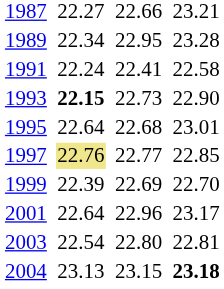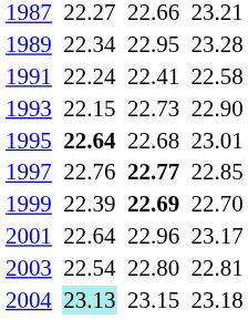 <table>
 <tr valign="top">
 <td><a href='#'>1987</a><br></td>
 <td></td>
 <td>22.27 </td>
 <td></td>
 <td>22.66 </td>
 <td></td>
 <td>23.21</td>
 </tr>
 <tr valign="top">
 <td><a href='#'>1989</a><br></td>
 <td></td>
 <td>22.34 </td>
 <td></td>
 <td>22.95 </td>
 <td></td>
 <td>23.28</td>
 </tr>
 <tr valign="top">
 <td><a href='#'>1991</a><br></td>
 <td></td>
 <td>22.24 </td>
 <td></td>
 <td>22.41 </td>
 <td></td>
 <td>22.58 </td>
 </tr>
 <tr valign="top">
 <td><a href='#'>1993</a><br></td>
 <td></td>
-<td><strong>22.15 </strong></td>
+<td>22.15 </td>
 <td></td>
 <td>22.73 </td>
 <td></td>
 <td>22.90</td>
 </tr>
 <tr valign="top">
 <td><a href='#'>1995</a><br></td>
 <td></td>
-<td>22.64 </td>
+<td><strong>22.64 </strong></td>
 <td></td>
 <td>22.68 </td>
 <td></td>
 <td>23.01</td>
 </tr>
 <tr valign="top">
 <td><a href='#'>1997</a><br></td>
 <td></td>
-<td style="background: khaki;">22.76 </td>
+<td>22.76 </td>
 <td></td>
-<td>22.77</td>
+<td><strong>22.77</strong></td>
 <td></td>
 <td>22.85</td>
 </tr>
 <tr valign="top">
 <td><a href='#'>1999</a><br></td>
 <td></td>
 <td>22.39 </td>
 <td></td>
-<td>22.69 </td>
+<td><strong>22.69 </strong></td>
 <td></td>
 <td>22.70 </td>
 </tr>
 <tr valign="top">
 <td><a href='#'>2001</a><br></td>
 <td></td>
 <td>22.64 </td>
 <td></td>
 <td>22.96 </td>
 <td></td>
 <td>23.17</td>
 </tr>
 <tr valign="top">
 <td><a href='#'>2003</a><br></td>
 <td></td>
 <td>22.54</td>
 <td></td>
 <td>22.80</td>
 <td></td>
 <td>22.81 </td>
 </tr>
 <tr valign="top">
 <td><a href='#'>2004</a><br></td>
 <td></td>
-<td>23.13</td>
+<td style="background: paleturquoise;">23.13</td>
 <td></td>
 <td>23.15</td>
 <td></td>
-<td><strong>23.18</strong></td>
+<td>23.18</td>
 </tr>
 </table>
